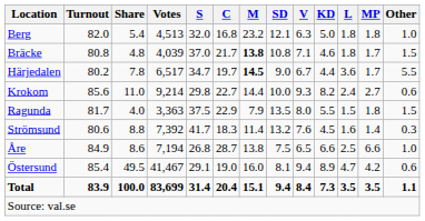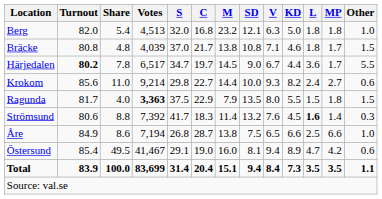 <table class="wikitable sortable" style=text-align:right>
 <tr>
 <th>Location</th>
 <th>Turnout</th>
 <th>Share</th>
 <th>Votes</th>
 <th><a href='#'>S</a></th>
 <th><a href='#'>C</a></th>
 <th><a href='#'>M</a></th>
 <th><a href='#'>SD</a></th>
 <th><a href='#'>V</a></th>
 <th><a href='#'>KD</a></th>
 <th><a href='#'>L</a></th>
 <th><a href='#'>MP</a></th>
 <th>Other</th>
 </tr>
 <tr>
 <td align=left><a href='#'>Berg</a></td>
 <td>82.0</td>
 <td>5.4</td>
 <td>4,513</td>
 <td>32.0</td>
 <td>16.8</td>
 <td>23.2</td>
 <td>12.1</td>
 <td>6.3</td>
 <td>5.0</td>
 <td>1.8</td>
 <td>1.8</td>
 <td>1.0</td>
 </tr>
 <tr>
 <td align=left><a href='#'>Bräcke</a></td>
 <td>80.8</td>
 <td>4.8</td>
 <td>4,039</td>
 <td>37.0</td>
 <td>21.7</td>
-<td><strong>13.8</strong></td>
+<td>13.8</td>
 <td>10.8</td>
 <td>7.1</td>
 <td>4.6</td>
 <td>1.8</td>
 <td>1.7</td>
 <td>1.5</td>
 </tr>
 <tr>
 <td align=left><a href='#'>Härjedalen</a></td>
-<td>80.2</td>
+<td><strong>80.2</strong></td>
 <td>7.8</td>
 <td>6,517</td>
 <td>34.7</td>
 <td>19.7</td>
-<td><strong>14.5</strong></td>
+<td>14.5</td>
 <td>9.0</td>
 <td>6.7</td>
 <td>4.4</td>
 <td>3.6</td>
 <td>1.7</td>
 <td>5.5</td>
 </tr>
 <tr>
 <td align=left><a href='#'>Krokom</a></td>
 <td>85.6</td>
 <td>11.0</td>
 <td>9,214</td>
 <td>29.8</td>
 <td>22.7</td>
 <td>14.4</td>
 <td>10.0</td>
 <td>9.3</td>
 <td>8.2</td>
 <td>2.4</td>
 <td>2.7</td>
 <td>0.6</td>
 </tr>
 <tr>
 <td align=left><a href='#'>Ragunda</a></td>
 <td>81.7</td>
 <td>4.0</td>
-<td>3,363</td>
+<td><strong>3,363</strong></td>
 <td>37.5</td>
 <td>22.9</td>
 <td>7.9</td>
 <td>13.5</td>
 <td>8.0</td>
 <td>5.5</td>
 <td>1.5</td>
 <td>1.8</td>
 <td>1.5</td>
 </tr>
 <tr>
 <td align=left><a href='#'>Strömsund</a></td>
 <td>80.6</td>
 <td>8.8</td>
 <td>7,392</td>
 <td>41.7</td>
 <td>18.3</td>
 <td>11.4</td>
 <td>13.2</td>
 <td>7.6</td>
 <td>4.5</td>
-<td>1.6</td>
+<td><strong>1.6</strong></td>
 <td>1.4</td>
 <td>0.3</td>
 </tr>
 <tr>
 <td align=left><a href='#'>Åre</a></td>
 <td>84.9</td>
 <td>8.6</td>
 <td>7,194</td>
 <td>26.8</td>
 <td>28.7</td>
 <td>13.8</td>
 <td>7.5</td>
 <td>6.5</td>
 <td>6.6</td>
 <td>2.5</td>
 <td>6.6</td>
 <td>1.0</td>
 </tr>
 <tr>
 <td align=left><a href='#'>Östersund</a></td>
 <td>85.4</td>
 <td>49.5</td>
 <td>41,467</td>
 <td>29.1</td>
 <td>19.0</td>
 <td>16.0</td>
 <td>8.1</td>
 <td>9.4</td>
 <td>8.9</td>
 <td>4.7</td>
 <td>4.2</td>
 <td>0.6</td>
 </tr>
 <tr>
 <td align=left><strong>Total</strong></td>
 <td><strong>83.9</strong></td>
 <td><strong>100.0</strong></td>
 <td><strong>83,699</strong></td>
 <td><strong>31.4</strong></td>
 <td><strong>20.4</strong></td>
 <td><strong>15.1</strong></td>
 <td><strong>9.4</strong></td>
 <td><strong>8.4</strong></td>
 <td><strong>7.3</strong></td>
 <td><strong>3.5</strong></td>
 <td><strong>3.5</strong></td>
 <td><strong>1.1</strong></td>
 </tr>
 <tr>
 <td align=left colspan=13>Source: val.se</td>
 </tr>
 </table>
